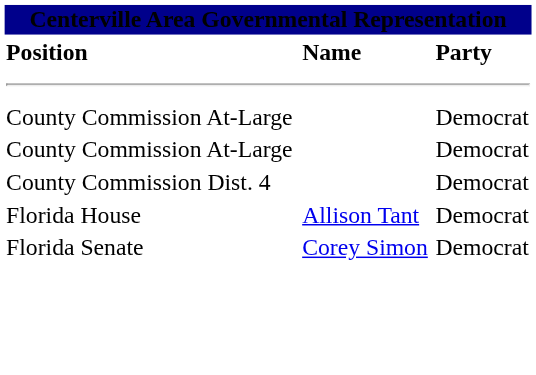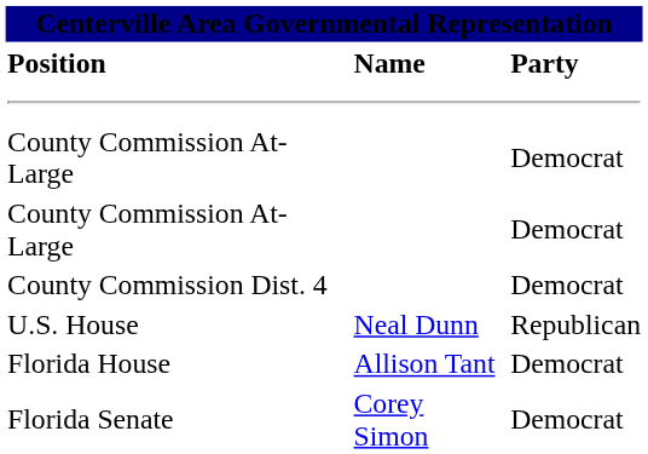 <table class="toccolours" style="fixed: right; margin-left: 1em;" width="360px">
 <tr>
 <th colspan="3" style="text-align: center; background:darkblue"><span><strong>Centerville Area Governmental Representation</strong></span></th>
 </tr>
 <tr>
 <td><strong>Position</strong></td>
 <td><strong>Name</strong></td>
 <td><strong>Party</strong></td>
 </tr>
 <tr>
 <td colspan="3"><hr></td>
 </tr>
 <tr>
 <td>County Commission At-Large</td>
 <td></td>
 <td><span>Democrat</span></td>
 </tr>
 <tr>
 <td>County Commission At-Large</td>
 <td></td>
 <td><span>Democrat</span></td>
 </tr>
 <tr>
 <td>County Commission Dist. 4</td>
 <td></td>
 <td><span>Democrat</span></td>
 </tr>
 <tr>
+<td>U.S. House</td>
+<td><a href='#'>Neal Dunn</a></td>
+<td><span>Republican</span></td>
+</tr>
+<tr>
 <td>Florida House</td>
 <td><a href='#'>Allison Tant</a></td>
 <td><span>Democrat</span></td>
 </tr>
 <tr>
 <td>Florida Senate</td>
 <td><a href='#'>Corey Simon</a></td>
 <td><span>Democrat</span></td>
 </tr>
 </table>
